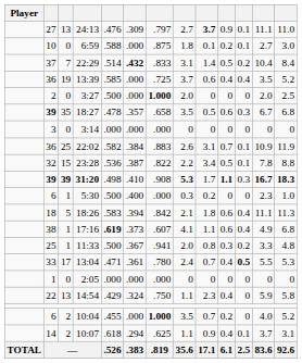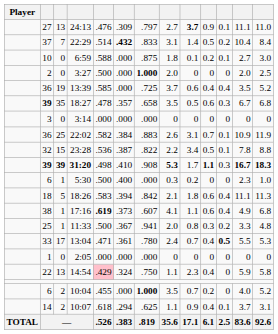 <table class="wikitable sortable" style="font-size:95%; text-align:right;">
 <tr>
 <th>Player</th>
 <th></th>
 <th></th>
 <th></th>
 <th></th>
 <th></th>
 <th></th>
 <th></th>
 <th></th>
 <th></th>
 <th></th>
 <th></th>
 <th></th>
 </tr>
 <tr>
 <td></td>
 <td>27</td>
 <td>13</td>
 <td>24:13</td>
 <td>.476</td>
 <td>.309</td>
 <td>.797</td>
 <td>2.7</td>
 <td><strong>3.7</strong></td>
 <td>0.9</td>
 <td>0.1</td>
 <td>11.1</td>
 <td>11.0</td>
 </tr>
 <tr>
 <td></td>
+<td>37</td>
+<td>7</td>
+<td>22:29</td>
+<td>.514</td>
+<td><strong>.432</strong></td>
+<td>.833</td>
+<td>3.1</td>
+<td>1.4</td>
+<td>0.5</td>
+<td>0.2</td>
+<td>10.4</td>
+<td>8.4</td>
+</tr>
+<tr>
+<td></td>
 <td>10</td>
 <td>0</td>
 <td>6:59</td>
 <td>.588</td>
 <td>.000</td>
 <td>.875</td>
 <td>1.8</td>
 <td>0.1</td>
 <td>0.2</td>
 <td>0.1</td>
 <td>2.7</td>
 <td>3.0</td>
 </tr>
 <tr>
 <td></td>
-<td>37</td>
-<td>7</td>
-<td>22:29</td>
-<td>.514</td>
-<td><strong>.432</strong></td>
-<td>.833</td>
-<td>3.1</td>
-<td>1.4</td>
-<td>0.5</td>
-<td>0.2</td>
-<td>10.4</td>
-<td>8.4</td>
+<td>2</td>
+<td>0</td>
+<td>3:27</td>
+<td>.500</td>
+<td>.000</td>
+<td><strong>1.000</strong></td>
+<td>2.0</td>
+<td>0</td>
+<td>0</td>
+<td>0</td>
+<td>2.0</td>
+<td>2.5</td>
 </tr>
 <tr>
 <td></td>
 <td>36</td>
 <td>19</td>
 <td>13:39</td>
 <td>.585</td>
 <td>.000</td>
 <td>.725</td>
 <td>3.7</td>
 <td>0.6</td>
 <td>0.4</td>
 <td>0.4</td>
 <td>3.5</td>
 <td>5.2</td>
-</tr>
-<tr>
-<td></td>
-<td>2</td>
-<td>0</td>
-<td>3:27</td>
-<td>.500</td>
-<td>.000</td>
-<td><strong>1.000</strong></td>
-<td>2.0</td>
-<td>0</td>
-<td>0</td>
-<td>0</td>
-<td>2.0</td>
-<td>2.5</td>
 </tr>
 <tr>
 <td></td>
 <td><strong>39</strong></td>
 <td>35</td>
 <td>18:27</td>
 <td>.478</td>
 <td>.357</td>
 <td>.658</td>
 <td>3.5</td>
 <td>0.5</td>
 <td>0.6</td>
 <td>0.3</td>
 <td>6.7</td>
 <td>6.8</td>
 </tr>
 <tr>
 <td></td>
 <td>3</td>
 <td>0</td>
 <td>3:14</td>
 <td>.000</td>
 <td>.000</td>
 <td>.000</td>
 <td>0</td>
 <td>0</td>
 <td>0</td>
 <td>0</td>
 <td>0</td>
 <td>0</td>
 </tr>
 <tr>
 <td></td>
 <td>36</td>
 <td>25</td>
 <td>22:02</td>
 <td>.582</td>
 <td>.384</td>
 <td>.883</td>
 <td>2.6</td>
 <td>3.1</td>
 <td>0.7</td>
 <td>0.1</td>
 <td>10.9</td>
 <td>11.9</td>
 </tr>
 <tr>
 <td></td>
 <td>32</td>
 <td>15</td>
 <td>23:28</td>
 <td>.536</td>
 <td>.387</td>
 <td>.822</td>
 <td>2.2</td>
 <td>3.4</td>
 <td>0.5</td>
 <td>0.1</td>
 <td>7.8</td>
 <td>8.8</td>
 </tr>
 <tr>
 <td></td>
 <td><strong>39</strong></td>
 <td><strong>39</strong></td>
 <td><strong>31:20</strong></td>
 <td>.498</td>
 <td>.410</td>
 <td>.908</td>
 <td><strong>5.3</strong></td>
 <td>1.7</td>
 <td><strong>1.1</strong></td>
 <td>0.3</td>
 <td><strong>16.7</strong></td>
 <td><strong>18.3</strong></td>
 </tr>
 <tr>
 <td></td>
 <td>6</td>
 <td>1</td>
 <td>5:30</td>
 <td>.500</td>
 <td>.400</td>
 <td>.000</td>
 <td>0.3</td>
 <td>0.2</td>
 <td>0</td>
 <td>0</td>
 <td>2.3</td>
 <td>1.0</td>
 </tr>
 <tr>
 <td></td>
 <td>18</td>
 <td>5</td>
 <td>18:26</td>
 <td>.583</td>
 <td>.394</td>
 <td>.842</td>
 <td>2.1</td>
 <td>1.8</td>
 <td>0.6</td>
 <td>0.4</td>
 <td>11.1</td>
 <td>11.3</td>
 </tr>
 <tr>
 <td></td>
 <td>38</td>
 <td>1</td>
 <td>17:16</td>
 <td><strong>.619</strong></td>
 <td>.373</td>
 <td>.607</td>
 <td>4.1</td>
 <td>1.1</td>
 <td>0.6</td>
 <td>0.4</td>
 <td>4.9</td>
 <td>6.8</td>
 </tr>
 <tr>
 <td></td>
 <td>25</td>
 <td>1</td>
 <td>11:33</td>
 <td>.500</td>
 <td>.367</td>
 <td>.941</td>
 <td>2.0</td>
 <td>0.8</td>
 <td>0.3</td>
 <td>0.2</td>
 <td>3.3</td>
 <td>4.8</td>
 </tr>
 <tr>
 <td></td>
 <td>33</td>
 <td>17</td>
 <td>13:04</td>
 <td>.471</td>
 <td>.361</td>
 <td>.780</td>
 <td>2.4</td>
 <td>0.7</td>
 <td>0.4</td>
 <td><strong>0.5</strong></td>
 <td>5.5</td>
 <td>5.3</td>
 </tr>
 <tr>
 <td></td>
 <td>1</td>
 <td>0</td>
 <td>2:05</td>
 <td>.000</td>
 <td>.000</td>
 <td>.000</td>
 <td>0</td>
 <td>0</td>
 <td>0</td>
 <td>0</td>
 <td>0</td>
 <td>0</td>
 </tr>
 <tr>
 <td></td>
 <td>22</td>
 <td>13</td>
 <td>14:54</td>
-<td>.429</td>
+<td style="background: pink;">.429</td>
 <td>.324</td>
 <td>.750</td>
 <td>1.1</td>
 <td>2.3</td>
 <td>0.4</td>
 <td>0</td>
 <td>5.9</td>
 <td>5.8</td>
 </tr>
 <tr class="sortbottom">
 <td colspan=13></td>
 </tr>
 <tr>
 <td><em></em></td>
 <td>6</td>
 <td>2</td>
 <td>10:04</td>
 <td>.455</td>
 <td>.000</td>
 <td><strong>1.000</strong></td>
 <td>3.5</td>
 <td>0.7</td>
 <td>0.2</td>
 <td>0</td>
 <td>4.0</td>
 <td>5.2</td>
 </tr>
 <tr>
 <td><em></em></td>
 <td>14</td>
 <td>2</td>
 <td>10:07</td>
 <td>.618</td>
 <td>.294</td>
 <td>.625</td>
 <td>1.1</td>
 <td>0.9</td>
 <td>0.4</td>
 <td>0.1</td>
 <td>3.7</td>
 <td>3.1</td>
 </tr>
 <tr>
 <th align=center><strong>TOTAL</strong></th>
 <th colspan=3>—</th>
 <th>.526</th>
 <th>.383</th>
 <th>.819</th>
 <th>35.6</th>
 <th>17.1</th>
 <th>6.1</th>
 <th>2.5</th>
 <th>83.6</th>
 <th>92.6</th>
 </tr>
 </table>
